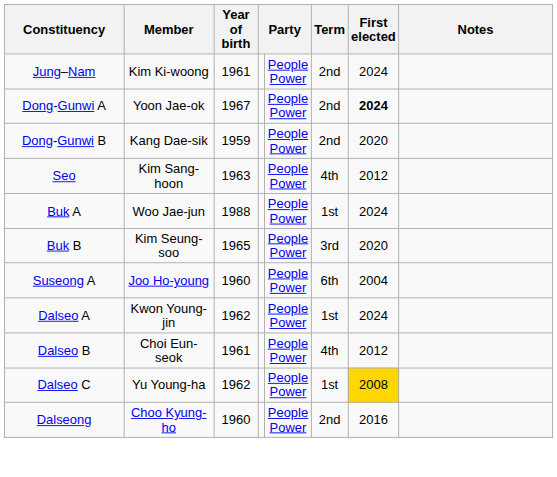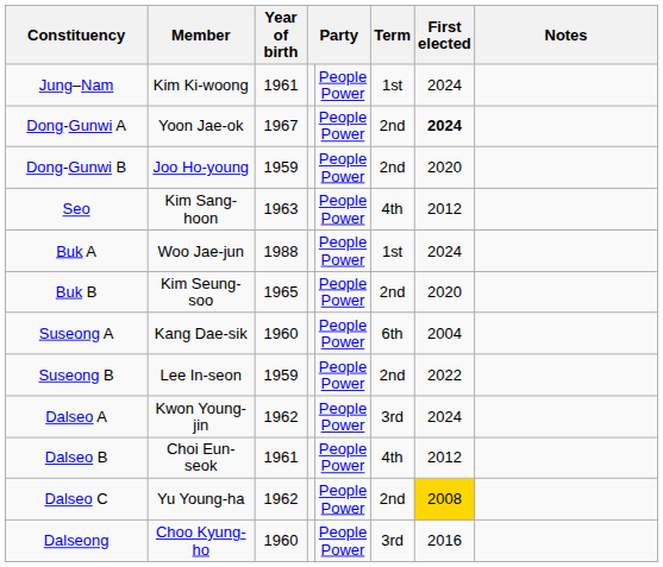 <table class="wikitable sortable" style="font-size:90%; text-align:center">
 <tr>
 <th scope="col" style="width:150px;">Constituency</th>
 <th scope="col" style="width:120px;">Member</th>
 <th scope="col" style="width:50px;">Year of birth</th>
 <th scope="col" style="width:150px;" colspan="2">Party</th>
 <th scope="col" style="width:20px;">Term</th>
 <th scope="col" style="width:50px;">First elected</th>
 <th scope="col" style="width:250px;" class="unsortable">Notes</th>
 </tr>
 <tr>
 <td><a href='#'>Jung</a>–<a href='#'>Nam</a></td>
 <td>Kim Ki-woong</td>
 <td>1961</td>
 <td scope="row" width="1" style="background-color:"></td>
 <td><a href='#'>People Power</a></td>
-<td>2nd</td>
+<td>1st</td>
 <td>2024</td>
 <td></td>
 </tr>
 <tr>
 <td><a href='#'>Dong</a>-<a href='#'>Gunwi</a> A</td>
 <td>Yoon Jae-ok</td>
 <td>1967</td>
 <td scope="row" style="background-color:"></td>
 <td><a href='#'>People Power</a></td>
 <td>2nd</td>
 <td><strong>2024</strong></td>
 <td></td>
 </tr>
 <tr>
 <td><a href='#'>Dong</a>-<a href='#'>Gunwi</a> B</td>
-<td>Kang Dae-sik</td>
+<td><a href='#'>Joo Ho-young</a></td>
 <td>1959</td>
 <td scope="row" style="background-color:"></td>
 <td><a href='#'>People Power</a></td>
 <td>2nd</td>
 <td>2020</td>
 <td></td>
 </tr>
 <tr>
 <td><a href='#'>Seo</a></td>
 <td>Kim Sang-hoon</td>
 <td>1963</td>
 <td scope="row" style="background-color:"></td>
 <td><a href='#'>People Power</a></td>
 <td>4th</td>
 <td>2012</td>
 <td></td>
 </tr>
 <tr>
 <td><a href='#'>Buk</a> A</td>
 <td>Woo Jae-jun</td>
 <td>1988</td>
 <td scope="row" style="background-color:"></td>
 <td><a href='#'>People Power</a></td>
 <td>1st</td>
 <td>2024</td>
 <td></td>
 </tr>
 <tr>
 <td><a href='#'>Buk</a> B</td>
 <td>Kim Seung-soo</td>
 <td>1965</td>
 <td scope="row" style="background-color:"></td>
 <td><a href='#'>People Power</a></td>
-<td>3rd</td>
+<td>2nd</td>
 <td>2020</td>
 <td></td>
 </tr>
 <tr>
 <td><a href='#'>Suseong</a> A</td>
-<td><a href='#'>Joo Ho-young</a></td>
+<td>Kang Dae-sik</td>
 <td>1960</td>
 <td scope="row" style="background-color:"></td>
 <td><a href='#'>People Power</a></td>
 <td>6th</td>
 <td>2004</td>
 <td></td>
 </tr>
 <tr>
+<td><a href='#'>Suseong</a> B</td>
+<td>Lee In-seon</td>
+<td>1959</td>
+<td scope="row" style="background-color:"></td>
+<td><a href='#'>People Power</a></td>
+<td>2nd</td>
+<td>2022</td>
+<td></td>
+</tr>
+<tr>
 <td><a href='#'>Dalseo</a> A</td>
 <td>Kwon Young-jin</td>
 <td>1962</td>
 <td scope="row" style="background-color:"></td>
 <td><a href='#'>People Power</a></td>
-<td>1st</td>
+<td>3rd</td>
 <td>2024</td>
 <td></td>
 </tr>
 <tr>
 <td><a href='#'>Dalseo</a> B</td>
 <td>Choi Eun-seok</td>
 <td>1961</td>
 <td scope="row" style="background-color:"></td>
 <td><a href='#'>People Power</a></td>
 <td>4th</td>
 <td>2012</td>
 <td></td>
 </tr>
 <tr>
 <td><a href='#'>Dalseo</a> C</td>
 <td>Yu Young-ha</td>
 <td>1962</td>
 <td scope="row" style="background-color:"></td>
 <td><a href='#'>People Power</a></td>
-<td>1st</td>
+<td>2nd</td>
 <td style="background: gold;">2008</td>
 <td></td>
 </tr>
 <tr>
 <td><a href='#'>Dalseong</a></td>
 <td><a href='#'>Choo Kyung-ho</a></td>
 <td>1960</td>
 <td scope="row" style="background-color:"></td>
 <td><a href='#'>People Power</a></td>
-<td>2nd</td>
+<td>3rd</td>
 <td>2016</td>
 <td></td>
 </tr>
 </table>
